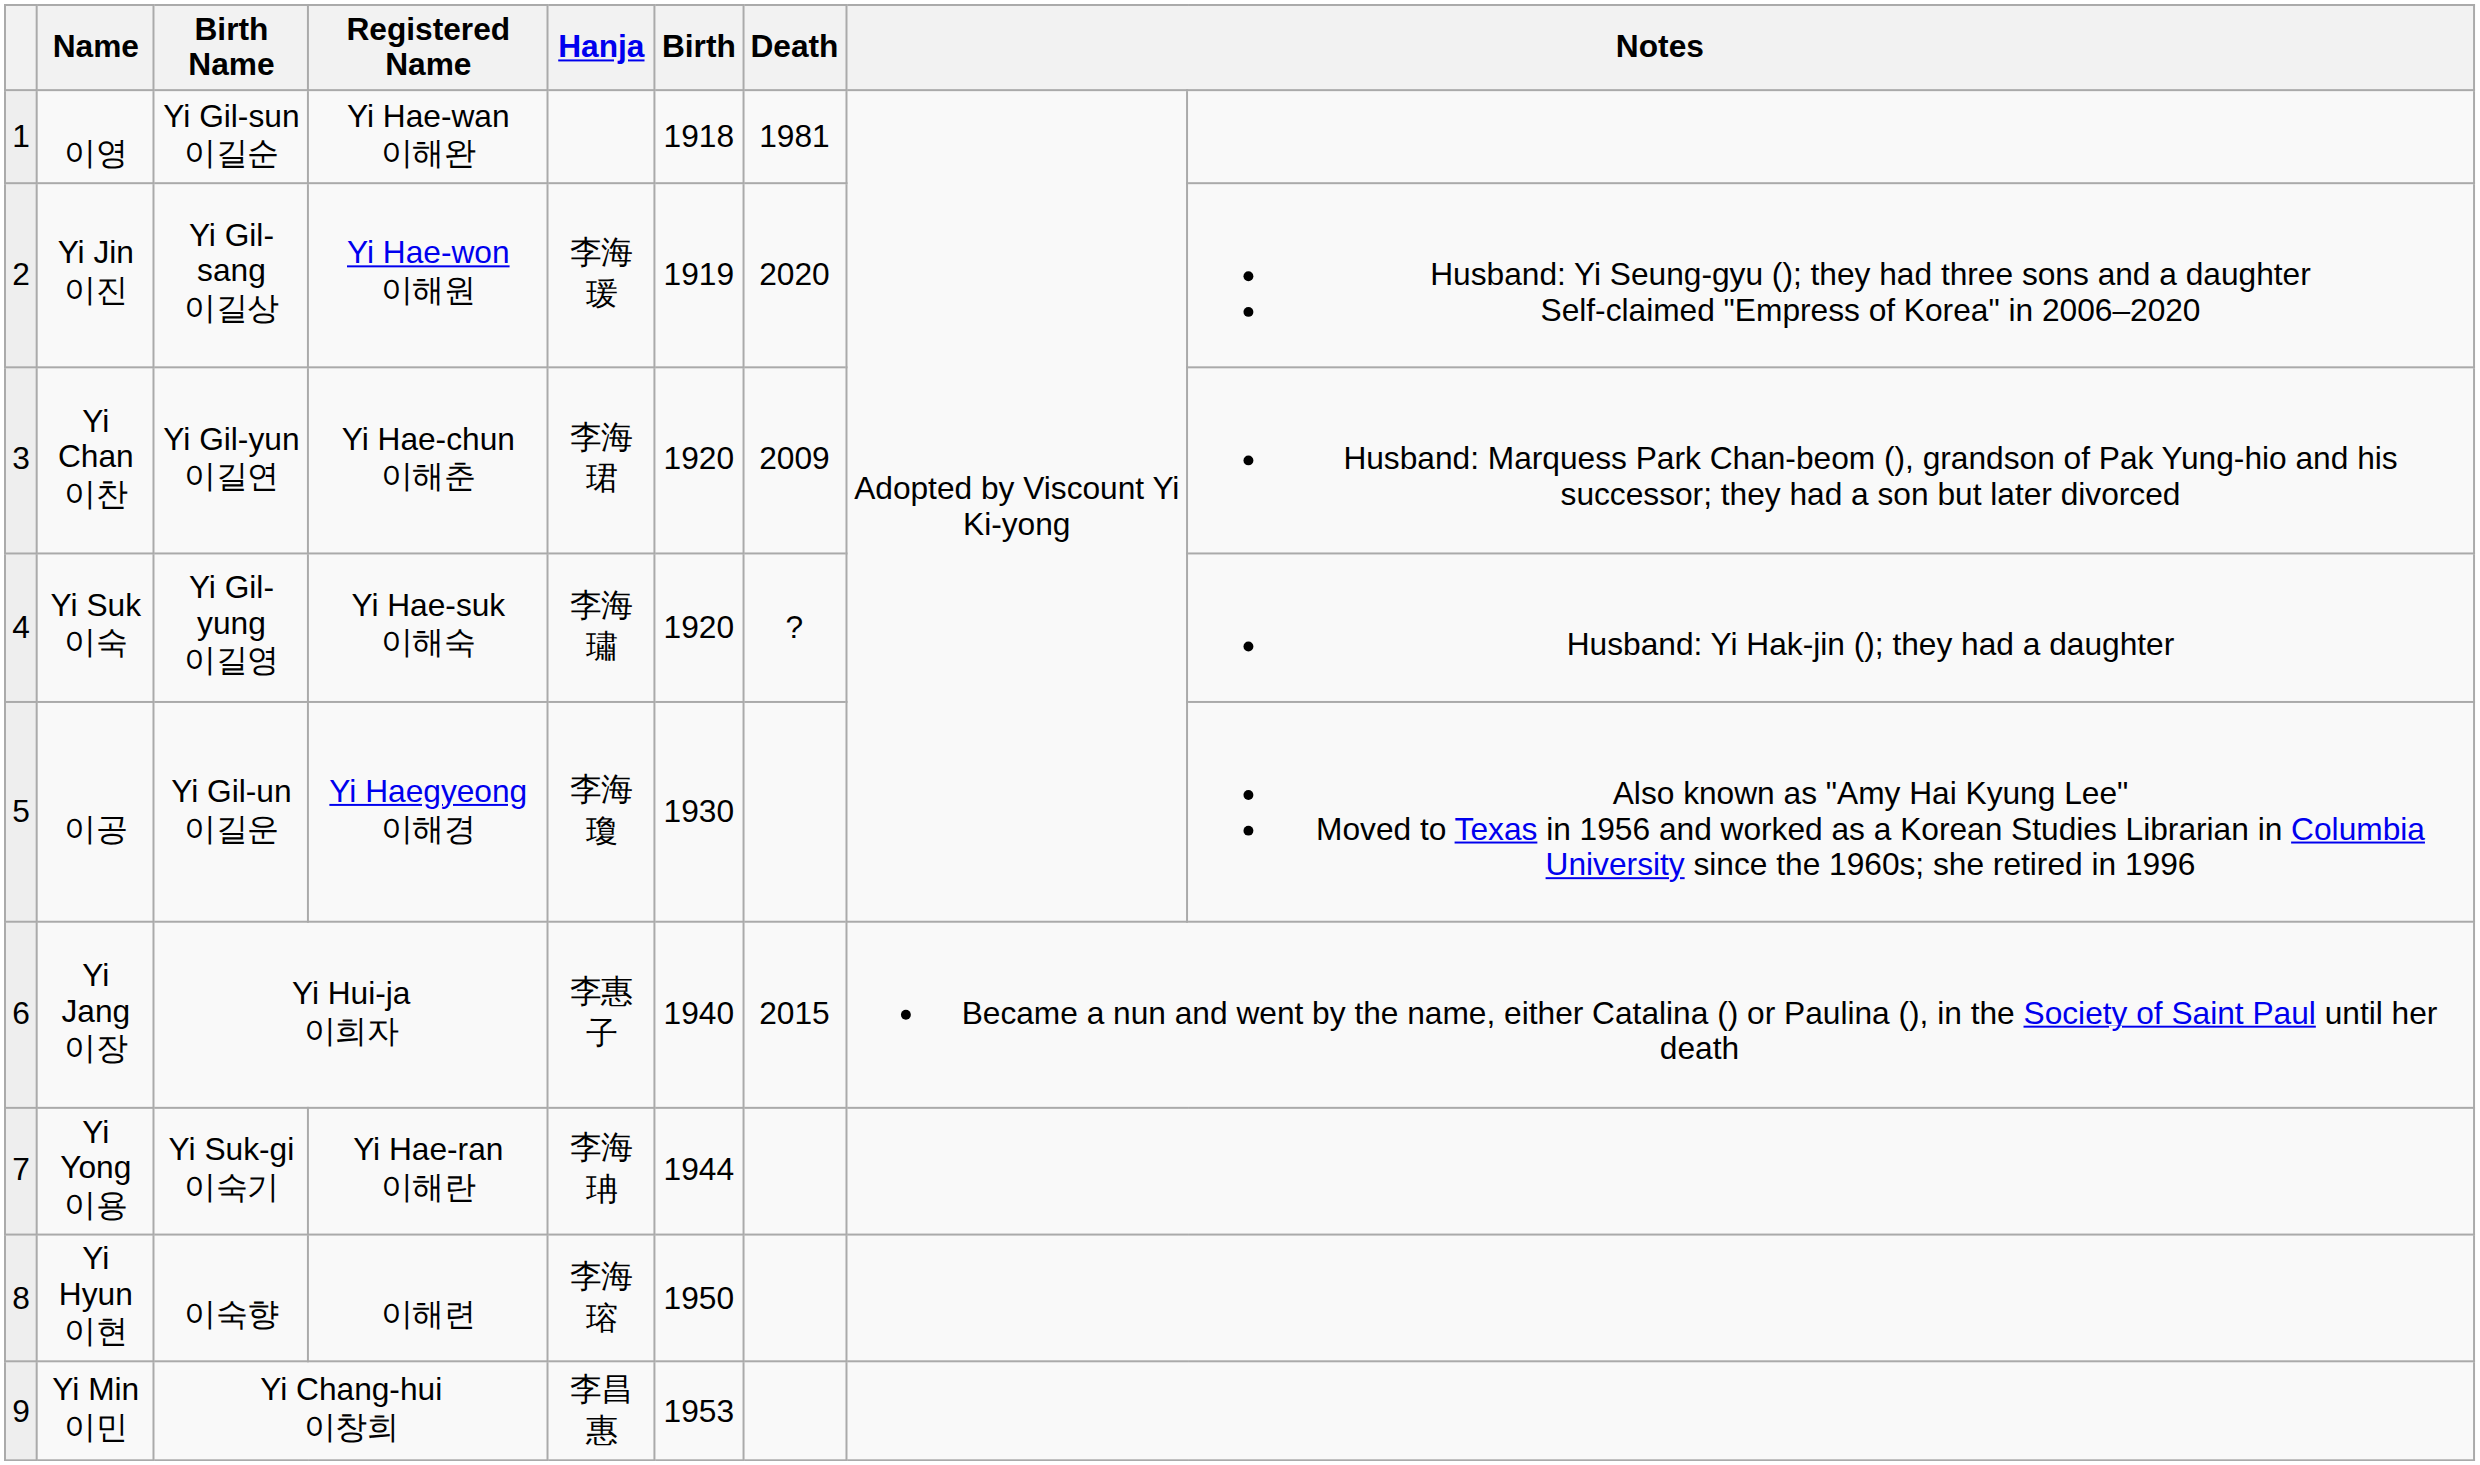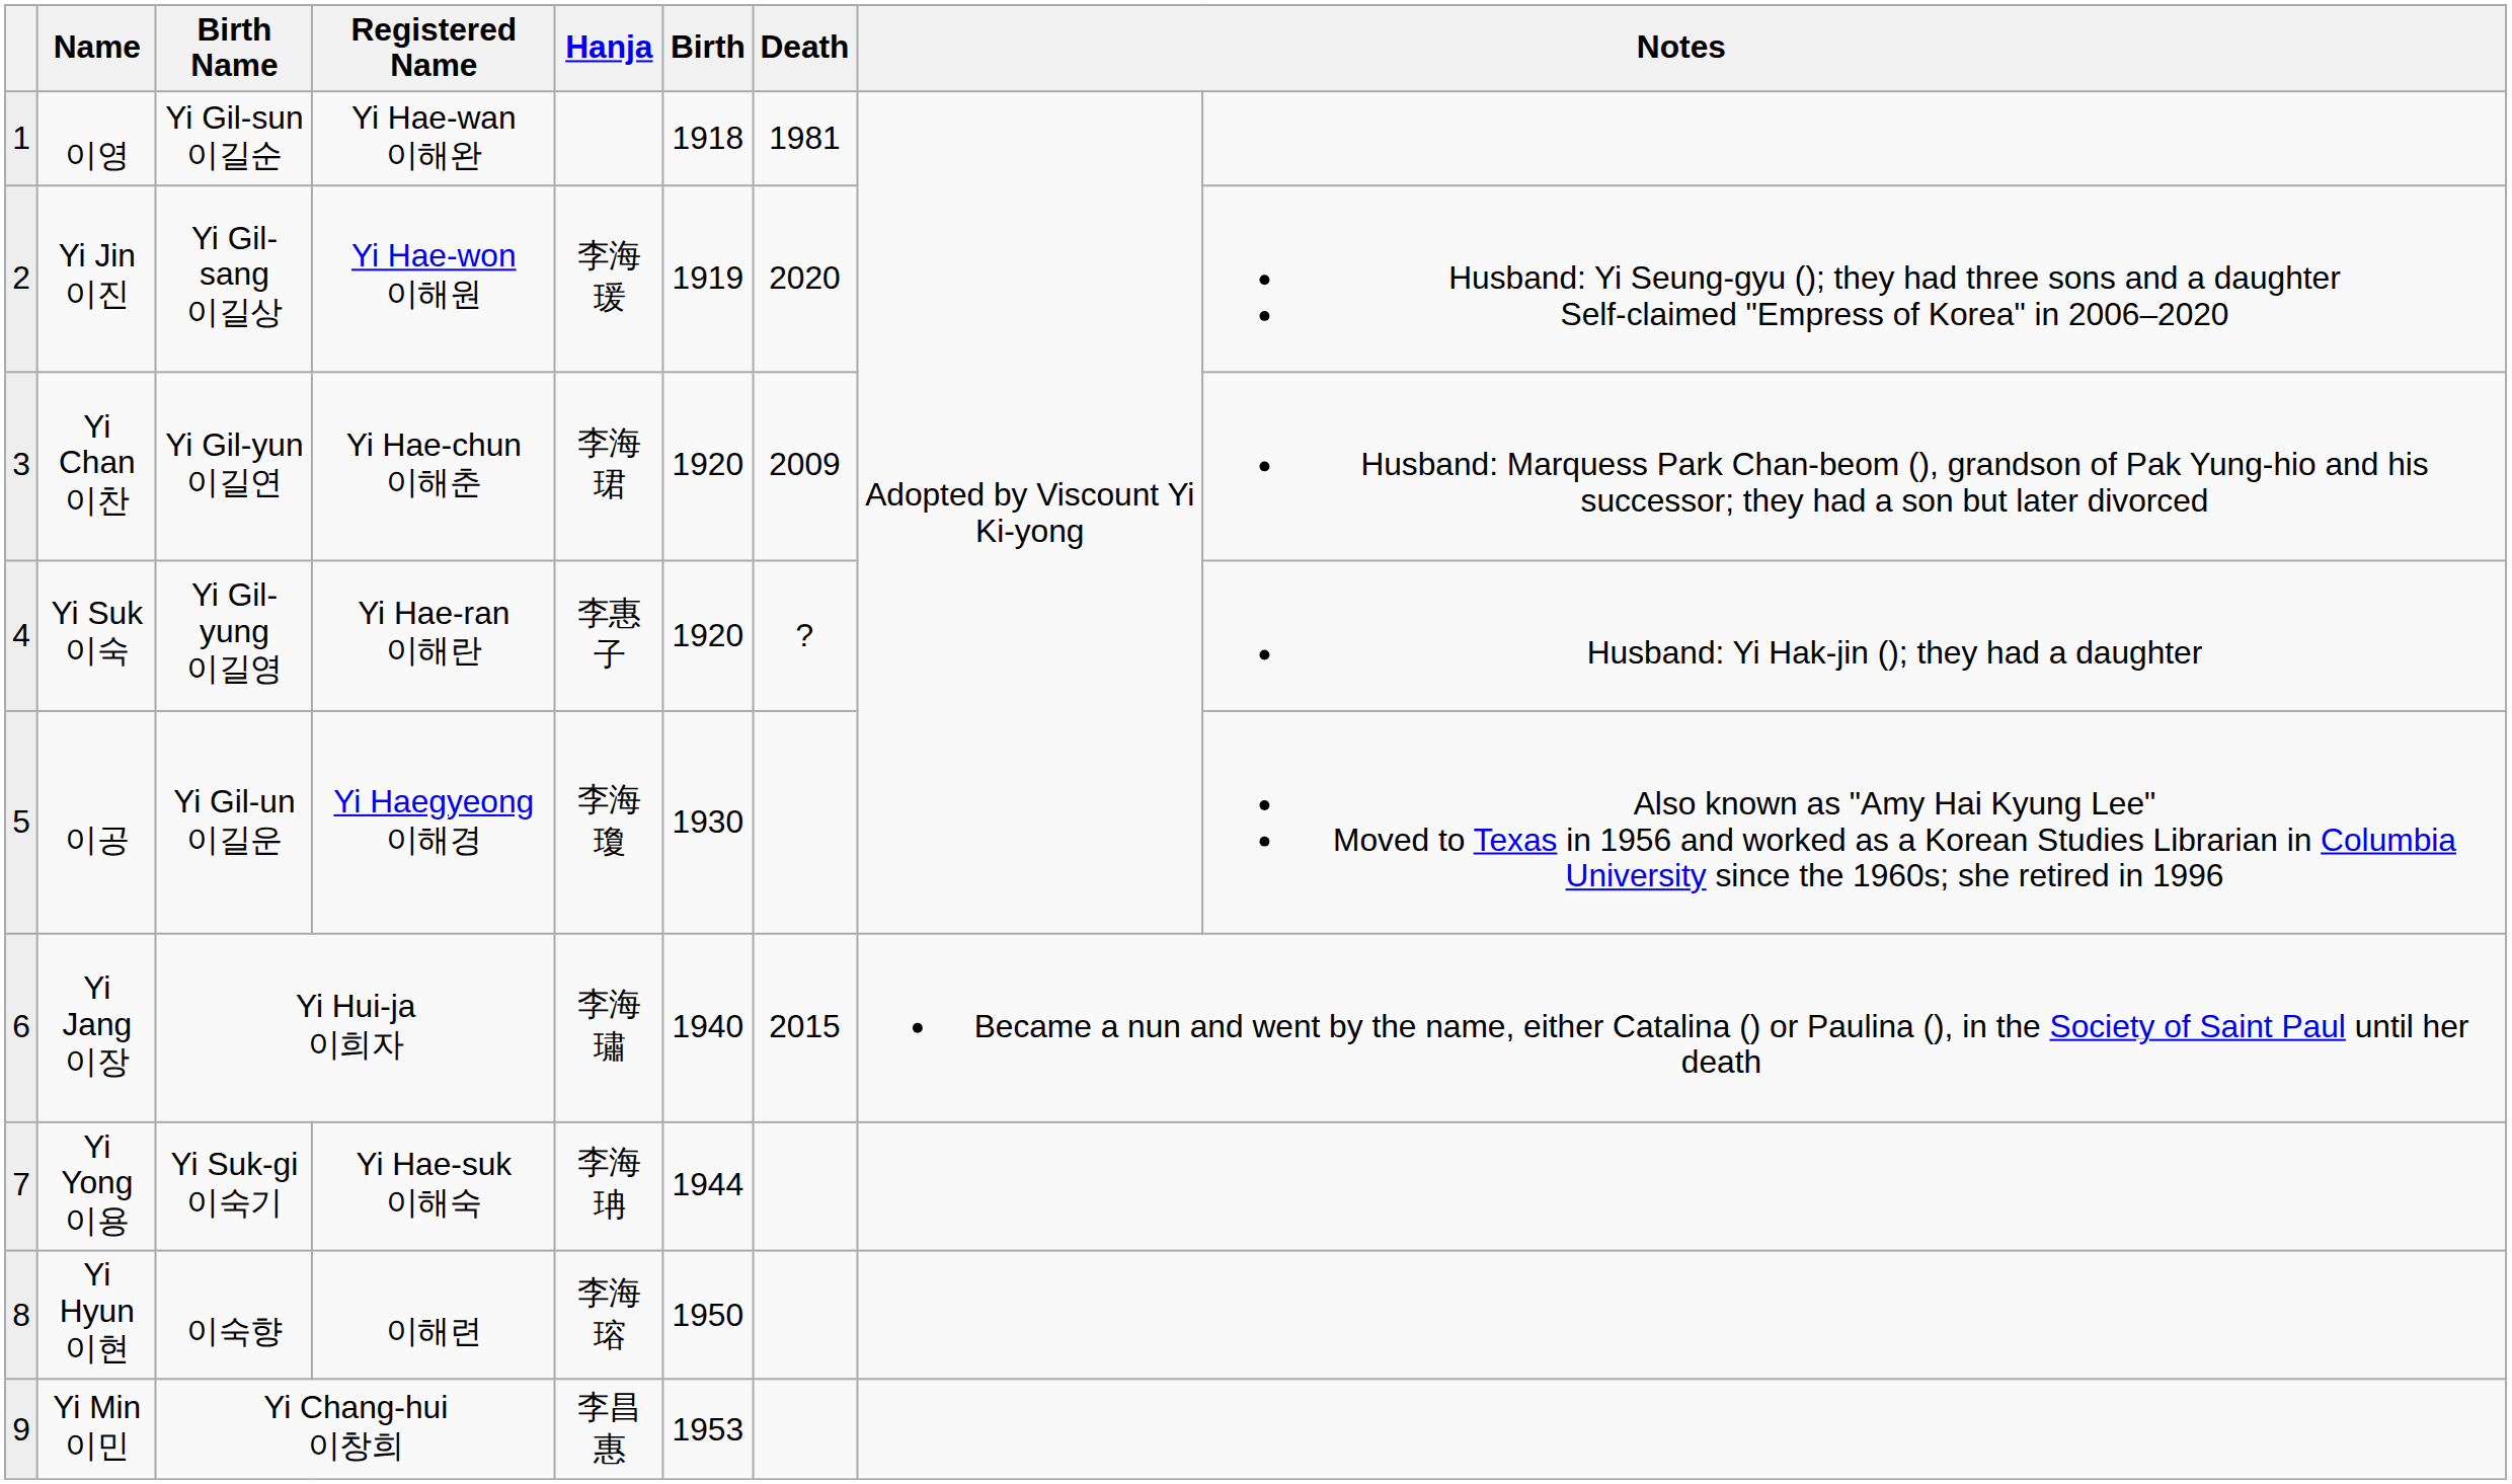 <table class="wikitable">
 <tr align=center>
 <th></th>
 <th>Name</th>
 <th>Birth Name</th>
 <th>Registered Name</th>
 <th><a href='#'>Hanja</a></th>
 <th>Birth</th>
 <th>Death</th>
 <th colspan="2">Notes</th>
 </tr>
 <tr align=center>
 <td style="background:#eeeeee">1</td>
 <td><br>이영</td>
 <td>Yi Gil-sun<br>이길순</td>
 <td>Yi Hae-wan<br>이해완</td>
 <td></td>
 <td>1918</td>
 <td>1981</td>
 <td rowspan="5">Adopted by Viscount Yi Ki-yong</td>
 <td></td>
 </tr>
 <tr align=center>
 <td style="background:#eeeeee">2</td>
 <td>Yi Jin<br>이진</td>
 <td>Yi Gil-sang<br>이길상</td>
 <td><a href='#'>Yi Hae-won</a><br>이해원</td>
 <td>李海瑗</td>
 <td>1919</td>
 <td>2020</td>
 <td><br><ul><li>Husband: Yi Seung-gyu (); they had three sons and a daughter</li><li>Self-claimed "Empress of Korea" in 2006–2020</li></ul></td>
 </tr>
 <tr align=center>
 <td style="background:#eeeeee">3</td>
 <td>Yi Chan<br>이찬</td>
 <td>Yi Gil-yun<br>이길연</td>
 <td>Yi Hae-chun<br>이해춘</td>
 <td>李海珺</td>
 <td>1920</td>
 <td>2009</td>
 <td><br><ul><li>Husband: Marquess Park Chan-beom (), grandson of Pak Yung-hio and his successor; they had a son but later divorced</li></ul></td>
 </tr>
 <tr align=center>
 <td style="background:#eeeeee">4</td>
 <td>Yi Suk<br>이숙</td>
 <td>Yi Gil-yung<br>이길영</td>
-<td>Yi Hae-suk<br>이해숙</td>
-<td>李海璛</td>
+<td>Yi Hae-ran<br>이해란</td>
+<td>李惠子</td>
 <td>1920</td>
 <td>?</td>
 <td><br><ul><li>Husband: Yi Hak-jin (); they had a daughter</li></ul></td>
 </tr>
 <tr align=center>
 <td style="background:#eeeeee">5</td>
 <td><br>이공</td>
 <td>Yi Gil-un<br>이길운</td>
 <td><a href='#'>Yi Haegyeong</a><br>이해경</td>
 <td>李海瓊</td>
 <td>1930</td>
 <td></td>
 <td><br><ul><li>Also known as "Amy Hai Kyung Lee"</li><li>Moved to <a href='#'>Texas</a> in 1956 and worked as a Korean Studies Librarian in <a href='#'>Columbia University</a> since the 1960s; she retired in 1996</li></ul></td>
 </tr>
 <tr align=center>
 <td style="background:#eeeeee">6</td>
 <td>Yi Jang<br>이장</td>
 <td colspan="2">Yi Hui-ja<br>이희자</td>
-<td>李惠子</td>
+<td>李海璛</td>
 <td>1940</td>
 <td>2015</td>
 <td colspan="2"><br><ul><li>Became a nun and went by the name, either Catalina () or Paulina (), in the <a href='#'>Society of Saint Paul</a> until her death</li></ul></td>
 </tr>
 <tr align=center>
 <td style="background:#eeeeee">7</td>
 <td>Yi Yong<br>이용</td>
 <td>Yi Suk-gi<br>이숙기</td>
-<td>Yi Hae-ran<br>이해란</td>
+<td>Yi Hae-suk<br>이해숙</td>
 <td>李海珃</td>
 <td>1944</td>
 <td></td>
 <td colspan="2"></td>
 </tr>
 <tr align=center>
 <td style="background:#eeeeee">8</td>
 <td>Yi Hyun<br>이현</td>
 <td><br>이숙향</td>
 <td><br>이해련</td>
 <td>李海瑢</td>
 <td>1950</td>
 <td></td>
 <td colspan="2"></td>
 </tr>
 <tr align=center>
 <td style="background:#eeeeee">9</td>
 <td>Yi Min<br>이민</td>
 <td colspan="2">Yi Chang-hui<br>이창희</td>
 <td>李昌惠</td>
 <td>1953</td>
 <td></td>
 <td colspan="2"></td>
 </tr>
 </table>
